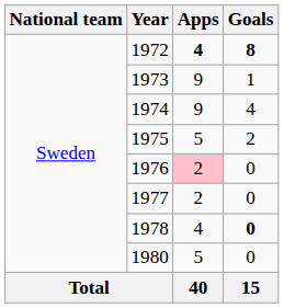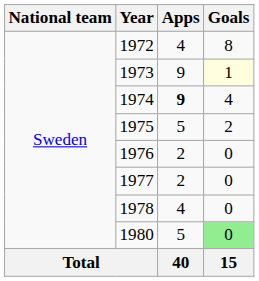 <table class="wikitable" style="text-align:center">
 <tr>
 <th>National team</th>
 <th>Year</th>
 <th>Apps</th>
 <th>Goals</th>
 </tr>
 <tr>
 <td rowspan="8"><a href='#'>Sweden</a></td>
 <td>1972</td>
-<td><strong>4</strong></td>
-<td><strong>8</strong></td>
+<td>4</td>
+<td>8</td>
 </tr>
 <tr>
 <td>1973</td>
 <td>9</td>
-<td>1</td>
+<td style="background: lightyellow;">1</td>
 </tr>
 <tr>
 <td>1974</td>
-<td>9</td>
+<td><strong>9</strong></td>
 <td>4</td>
 </tr>
 <tr>
 <td>1975</td>
 <td>5</td>
 <td>2</td>
 </tr>
 <tr>
 <td>1976</td>
-<td style="background: pink;">2</td>
+<td>2</td>
 <td>0</td>
 </tr>
 <tr>
 <td>1977</td>
 <td>2</td>
 <td>0</td>
 </tr>
 <tr>
 <td>1978</td>
 <td>4</td>
-<td><strong>0</strong></td>
+<td>0</td>
 </tr>
 <tr>
 <td>1980</td>
 <td>5</td>
-<td>0</td>
+<td style="background: lightgreen;">0</td>
 </tr>
 <tr>
 <th colspan="2">Total</th>
 <th>40</th>
 <th>15</th>
 </tr>
 </table>
